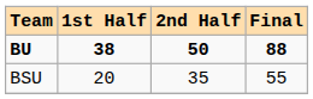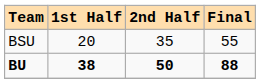 <table class="wikitable" align=right>
 <tr bgcolor=#ffdead align=center>
 <td><strong>Team</strong></td>
 <td><strong>1st Half</strong></td>
 <td><strong>2nd Half</strong></td>
 <td><strong>Final</strong></td>
 </tr>
 <tr>
+<td>BSU</td>
+<td align=center>20</td>
+<td align=center>35</td>
+<td align=center>55</td>
+</tr>
+<tr>
 <td><strong>BU</strong></td>
 <td align=center><strong>38</strong></td>
 <td align=center><strong>50</strong></td>
 <td align=center><strong>88</strong></td>
 </tr>
 <tr>
-<td>BSU</td>
-<td align=center>20</td>
-<td align=center>35</td>
-<td align=center>55</td>
-</tr>
-<tr>
 </tr>
 </table>
